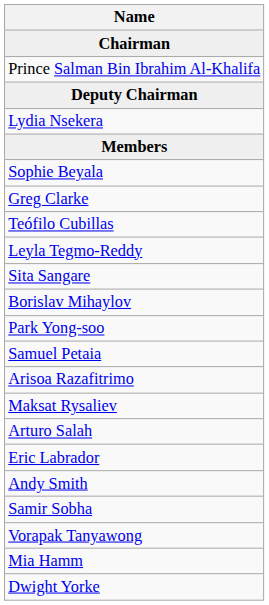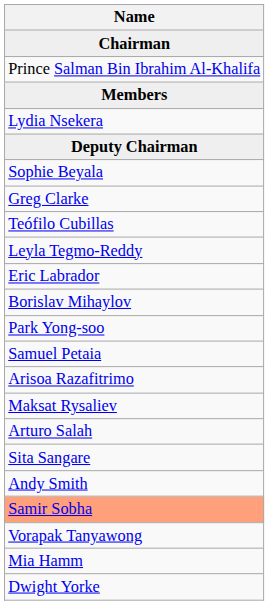 <table class="wikitable">
 <tr>
 <th><strong>Name</strong></th>
 </tr>
 <tr>
 <td colspan="1" align=center bgcolor="#EFEFEF"><strong>Chairman</strong></td>
 </tr>
 <tr>
 <td> Prince <a href='#'>Salman Bin Ibrahim Al-Khalifa</a></td>
 </tr>
 <tr>
-<td colspan="1" align=center bgcolor="#EFEFEF"><strong>Deputy Chairman</strong></td>
+<td colspan="1" align=center bgcolor="#EFEFEF"><strong>Members</strong></td>
 </tr>
 <tr>
 <td> <a href='#'>Lydia Nsekera</a></td>
 </tr>
 <tr>
-<td colspan="1" align=center bgcolor="#EFEFEF"><strong>Members</strong></td>
+<td colspan="1" align=center bgcolor="#EFEFEF"><strong>Deputy Chairman</strong></td>
 </tr>
 <tr>
 <td> <a href='#'>Sophie Beyala</a></td>
 </tr>
 <tr>
 <td> <a href='#'>Greg Clarke</a></td>
 </tr>
 <tr>
 <td> <a href='#'>Teófilo Cubillas</a></td>
 </tr>
 <tr>
 <td> <a href='#'>Leyla Tegmo-Reddy</a></td>
 </tr>
 <tr>
-<td> <a href='#'>Sita Sangare</a></td>
+<td> <a href='#'>Eric Labrador</a></td>
 </tr>
 <tr>
 <td> <a href='#'>Borislav Mihaylov</a></td>
 </tr>
 <tr>
 <td> <a href='#'>Park Yong-soo</a></td>
 </tr>
 <tr>
 <td> <a href='#'>Samuel Petaia</a></td>
 </tr>
 <tr>
 <td> <a href='#'>Arisoa Razafitrimo</a></td>
 </tr>
 <tr>
 <td> <a href='#'>Maksat Rysaliev</a></td>
 </tr>
 <tr>
 <td> <a href='#'>Arturo Salah</a></td>
 </tr>
 <tr>
-<td> <a href='#'>Eric Labrador</a></td>
+<td> <a href='#'>Sita Sangare</a></td>
 </tr>
 <tr>
 <td> <a href='#'>Andy Smith</a></td>
 </tr>
 <tr>
-<td> <a href='#'>Samir Sobha</a></td>
+<td style="background: lightsalmon;"> <a href='#'>Samir Sobha</a></td>
 </tr>
 <tr>
 <td> <a href='#'>Vorapak Tanyawong</a></td>
 </tr>
 <tr>
 <td> <a href='#'>Mia Hamm</a></td>
 </tr>
 <tr>
 <td> <a href='#'>Dwight Yorke</a></td>
 </tr>
 </table>
